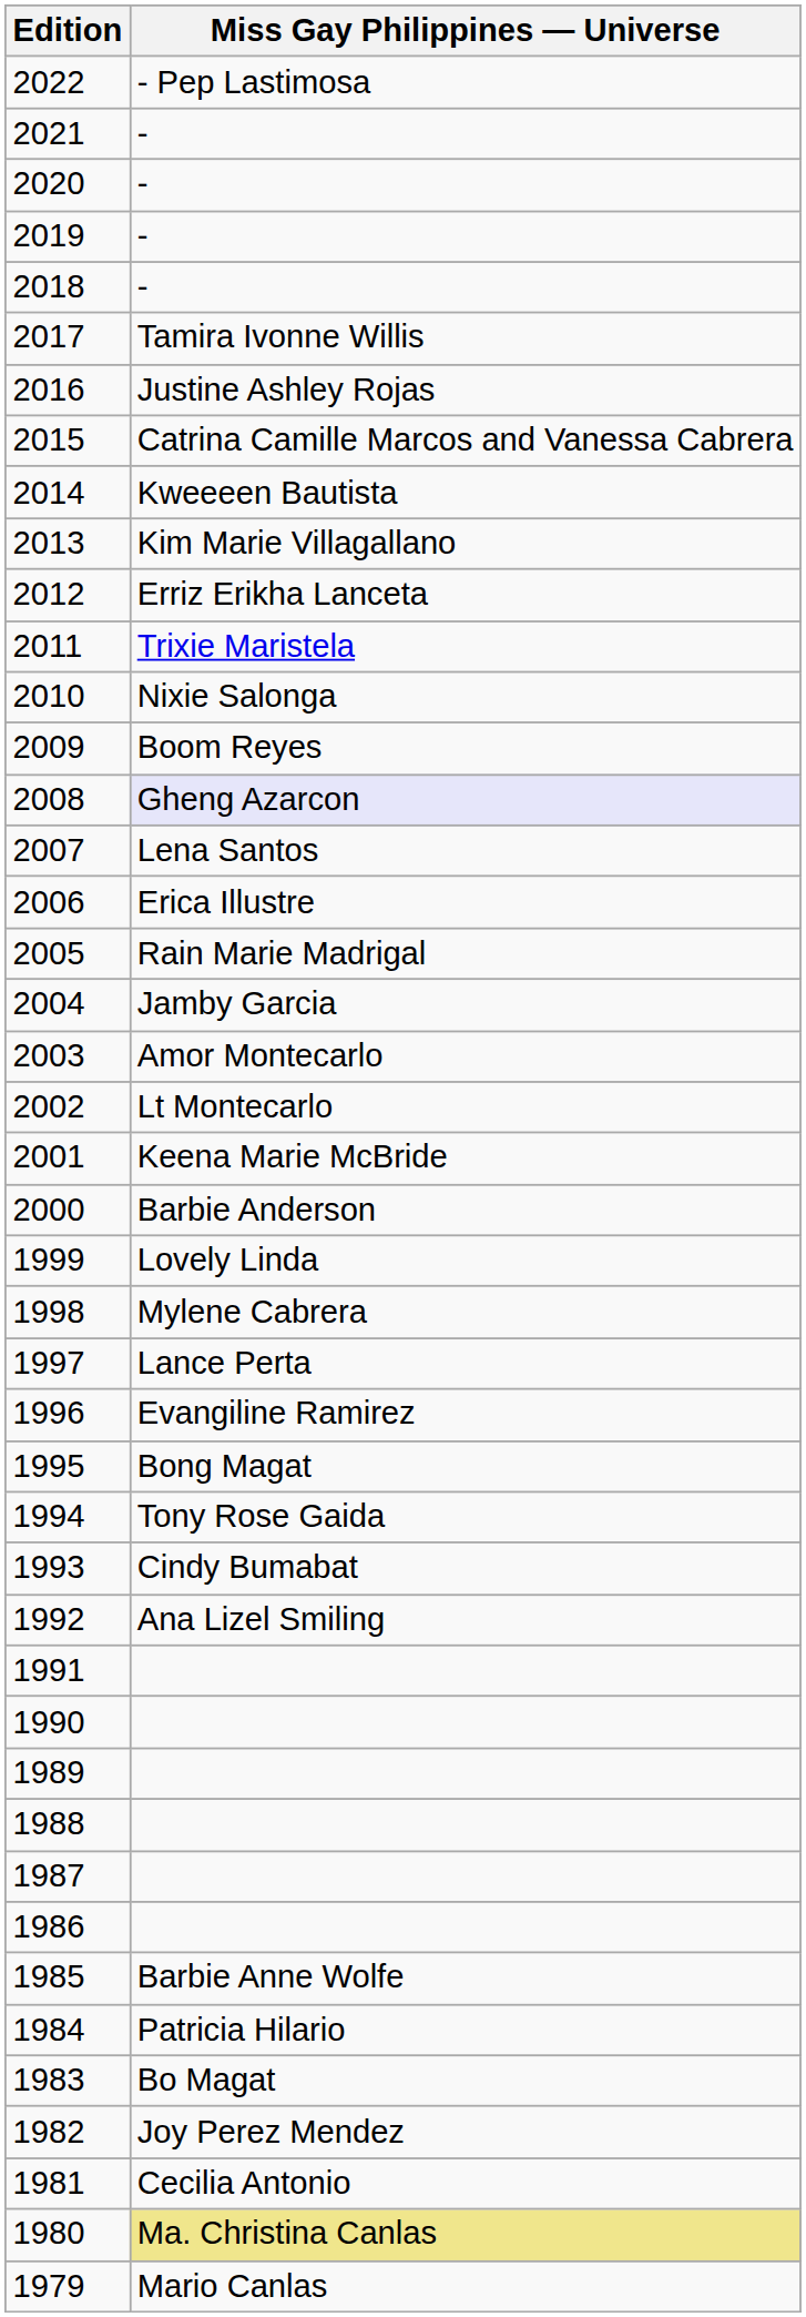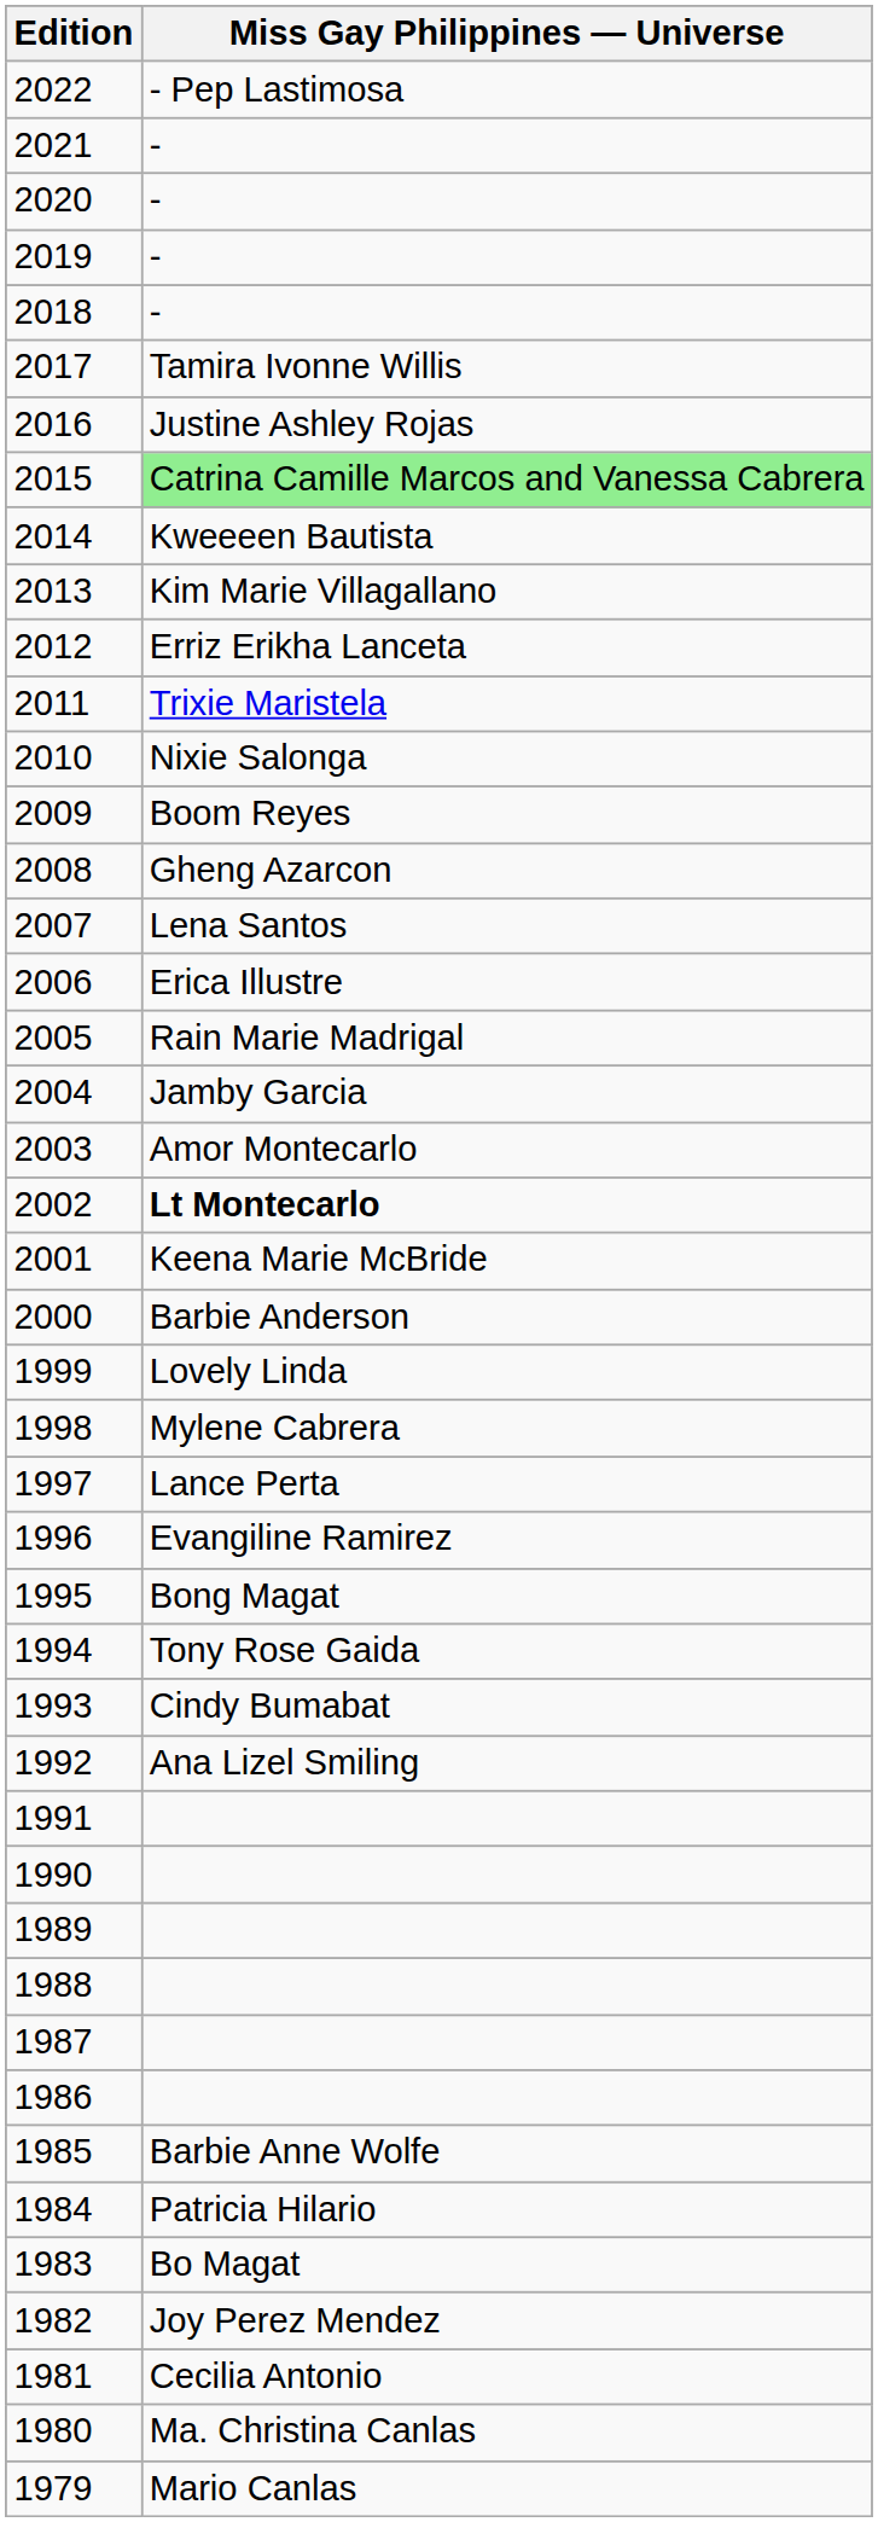 <table class="wikitable">
 <tr>
 <th>Edition</th>
 <th>Miss Gay Philippines — Universe</th>
 </tr>
 <tr>
 <td>2022</td>
 <td>- Pep Lastimosa</td>
 </tr>
 <tr>
 <td>2021</td>
 <td>-</td>
 </tr>
 <tr>
 <td>2020</td>
 <td>-</td>
 </tr>
 <tr>
 <td>2019</td>
 <td>-</td>
 </tr>
 <tr>
 <td>2018</td>
 <td>-</td>
 </tr>
 <tr>
 <td>2017</td>
 <td>Tamira Ivonne Willis</td>
 </tr>
 <tr>
 <td>2016</td>
 <td>Justine Ashley Rojas</td>
 </tr>
 <tr>
 <td>2015</td>
-<td>Catrina Camille Marcos and Vanessa Cabrera</td>
+<td style="background: lightgreen;">Catrina Camille Marcos and Vanessa Cabrera</td>
 </tr>
 <tr>
 <td>2014</td>
 <td>Kweeeen Bautista</td>
 </tr>
 <tr>
 <td>2013</td>
 <td>Kim Marie Villagallano</td>
 </tr>
 <tr>
 <td>2012</td>
 <td>Erriz Erikha Lanceta</td>
 </tr>
 <tr>
 <td>2011</td>
 <td><a href='#'>Trixie Maristela</a></td>
 </tr>
 <tr>
 <td>2010</td>
 <td>Nixie Salonga</td>
 </tr>
 <tr>
 <td>2009</td>
 <td>Boom Reyes</td>
 </tr>
 <tr>
 <td>2008</td>
-<td style="background: lavender;">Gheng Azarcon</td>
+<td>Gheng Azarcon</td>
 </tr>
 <tr>
 <td>2007</td>
 <td>Lena Santos</td>
 </tr>
 <tr>
 <td>2006</td>
 <td>Erica Illustre</td>
 </tr>
 <tr>
 <td>2005</td>
 <td>Rain Marie Madrigal</td>
 </tr>
 <tr>
 <td>2004</td>
 <td>Jamby Garcia</td>
 </tr>
 <tr>
 <td>2003</td>
 <td>Amor Montecarlo</td>
 </tr>
 <tr>
 <td>2002</td>
-<td>Lt Montecarlo</td>
+<td><strong>Lt Montecarlo</strong></td>
 </tr>
 <tr>
 <td>2001</td>
 <td>Keena Marie McBride</td>
 </tr>
 <tr>
 <td>2000</td>
 <td>Barbie Anderson</td>
 </tr>
 <tr>
 <td>1999</td>
 <td>Lovely Linda</td>
 </tr>
 <tr>
 <td>1998</td>
 <td>Mylene Cabrera</td>
 </tr>
 <tr>
 <td>1997</td>
 <td>Lance Perta</td>
 </tr>
 <tr>
 <td>1996</td>
 <td>Evangiline Ramirez</td>
 </tr>
 <tr>
 <td>1995</td>
 <td>Bong Magat</td>
 </tr>
 <tr>
 <td>1994</td>
 <td>Tony Rose Gaida</td>
 </tr>
 <tr>
 <td>1993</td>
 <td>Cindy Bumabat</td>
 </tr>
 <tr>
 <td>1992</td>
 <td>Ana Lizel Smiling</td>
 </tr>
 <tr>
 <td>1991</td>
 <td></td>
 </tr>
 <tr>
 <td>1990</td>
 <td></td>
 </tr>
 <tr>
 <td>1989</td>
 <td></td>
 </tr>
 <tr>
 <td>1988</td>
 <td></td>
 </tr>
 <tr>
 <td>1987</td>
 <td></td>
 </tr>
 <tr>
 <td>1986</td>
 <td></td>
 </tr>
 <tr>
 <td>1985</td>
 <td>Barbie Anne Wolfe</td>
 </tr>
 <tr>
 <td>1984</td>
 <td>Patricia Hilario</td>
 </tr>
 <tr>
 <td>1983</td>
 <td>Bo Magat</td>
 </tr>
 <tr>
 <td>1982</td>
 <td>Joy Perez Mendez</td>
 </tr>
 <tr>
 <td>1981</td>
 <td>Cecilia Antonio</td>
 </tr>
 <tr>
 <td>1980</td>
-<td style="background: khaki;">Ma. Christina Canlas</td>
+<td>Ma. Christina Canlas</td>
 </tr>
 <tr>
 <td>1979</td>
 <td>Mario Canlas</td>
 </tr>
 </table>
